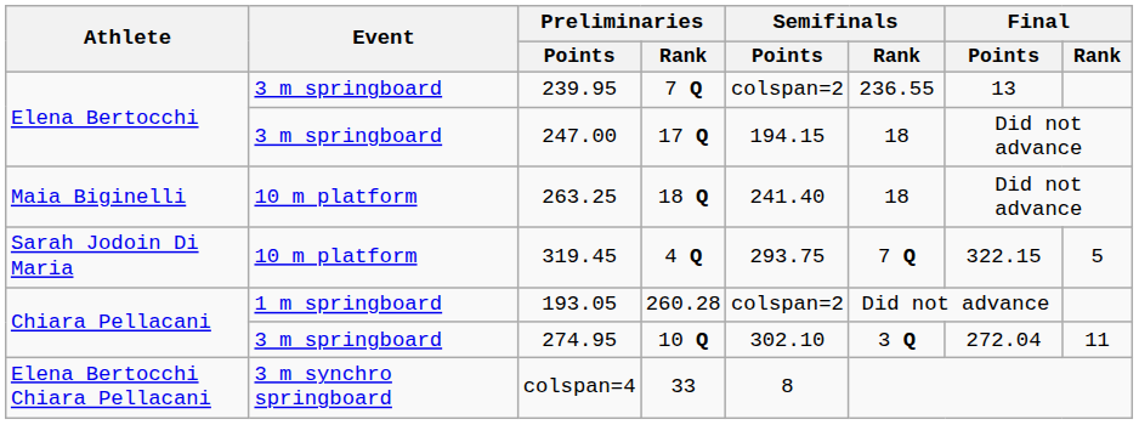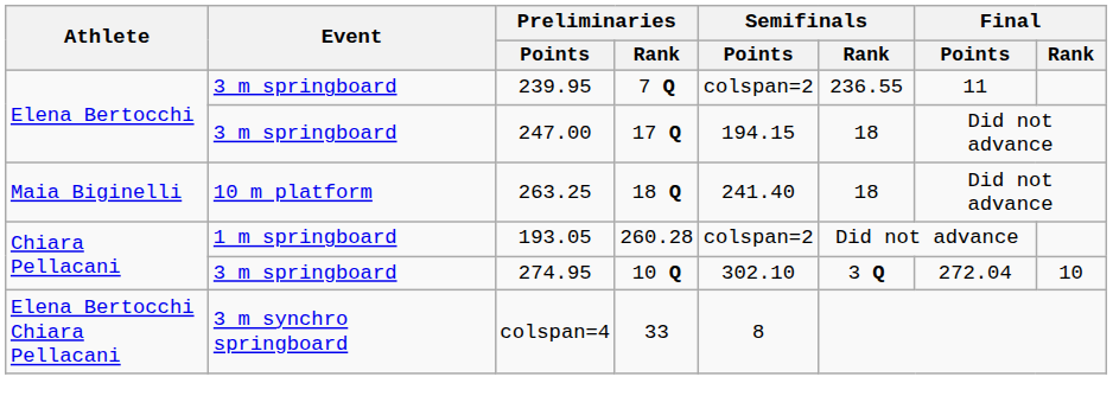 <table class="wikitable" style="text-align:center; font-size:90%; width:50%;">
 <tr>
 <th rowspan=2>Athlete</th>
 <th rowspan=2>Event</th>
 <th colspan=2>Preliminaries</th>
 <th colspan=2>Semifinals</th>
 <th colspan=2>Final</th>
 </tr>
 <tr style="font-size:95%">
 <th>Points</th>
 <th>Rank</th>
 <th>Points</th>
 <th>Rank</th>
 <th>Points</th>
 <th>Rank</th>
 </tr>
 <tr>
 <td align=left rowspan=2><a href='#'>Elena Bertocchi</a></td>
 <td align=left><a href='#'>3 m springboard</a></td>
 <td>239.95</td>
 <td>7 <strong>Q</strong></td>
 <td>colspan=2 </td>
 <td>236.55</td>
-<td>13</td>
+<td>11</td>
 </tr>
 <tr>
 <td align=left><a href='#'>3 m springboard</a></td>
 <td>247.00</td>
 <td>17 <strong>Q</strong></td>
 <td>194.15</td>
 <td>18</td>
 <td colspan=2>Did not advance</td>
 </tr>
 <tr>
 <td align=left><a href='#'>Maia Biginelli</a></td>
 <td align=left><a href='#'>10 m platform</a></td>
 <td>263.25</td>
 <td>18 <strong>Q</strong></td>
 <td>241.40</td>
 <td>18</td>
 <td colspan=2>Did not advance</td>
 </tr>
 <tr>
-<td align=left><a href='#'>Sarah Jodoin Di Maria</a></td>
-<td align=left><a href='#'>10 m platform</a></td>
-<td>319.45</td>
-<td>4 <strong>Q</strong></td>
-<td>293.75</td>
-<td>7 <strong>Q</strong></td>
-<td>322.15</td>
-<td>5</td>
-</tr>
-<tr>
 <td align=left rowspan=2><a href='#'>Chiara Pellacani</a></td>
 <td align=left><a href='#'>1 m springboard</a></td>
 <td>193.05</td>
 <td>260.28</td>
 <td>colspan=2 </td>
 <td colspan=2>Did not advance</td>
 </tr>
 <tr>
 <td align=left><a href='#'>3 m springboard</a></td>
 <td>274.95</td>
 <td>10 <strong>Q</strong></td>
 <td>302.10</td>
 <td>3 <strong>Q</strong></td>
 <td>272.04</td>
-<td>11</td>
+<td>10</td>
 </tr>
 <tr>
 <td align=left><a href='#'>Elena Bertocchi</a><br> <a href='#'>Chiara Pellacani</a></td>
 <td align=left><a href='#'>3 m synchro springboard</a></td>
 <td>colspan=4 </td>
 <td>33</td>
 <td>8</td>
 </tr>
 </table>
